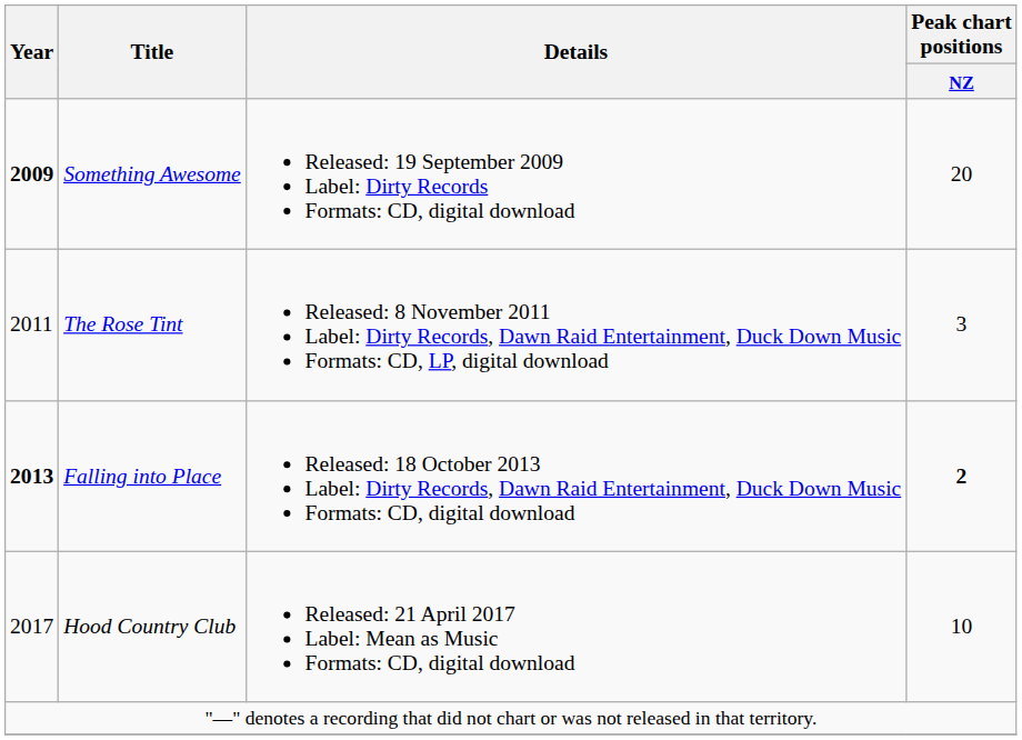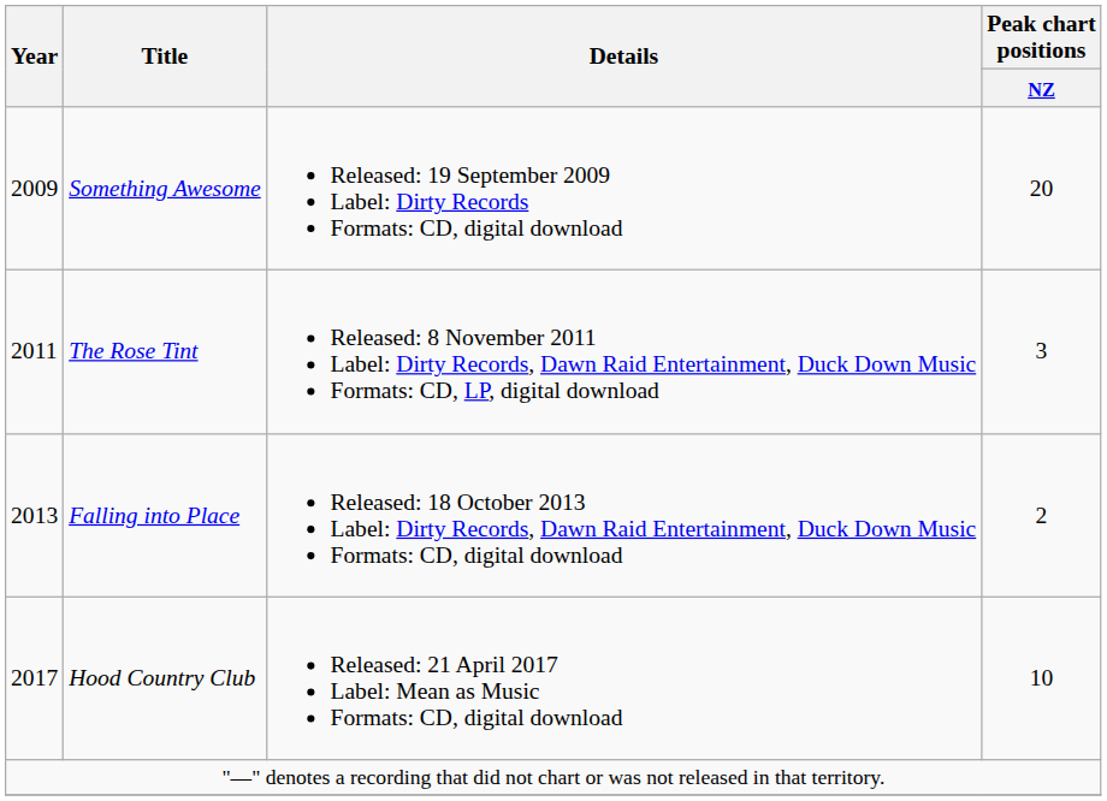 <table class="wikitable plainrowheaders">
 <tr>
 <th rowspan="2">Year</th>
 <th rowspan="2">Title</th>
 <th rowspan="2">Details</th>
 <th>Peak chart<br>positions</th>
 </tr>
 <tr>
 <th><small><a href='#'>NZ</a></small><br></th>
 </tr>
 <tr>
-<td><strong>2009</strong></td>
+<td>2009</td>
 <td><em><a href='#'>Something Awesome</a></em></td>
 <td><br><ul><li>Released: 19 September 2009</li><li>Label: <a href='#'>Dirty Records</a></li><li>Formats: CD, digital download</li></ul></td>
 <td align="center">20</td>
 </tr>
 <tr>
 <td>2011</td>
 <td><em><a href='#'>The Rose Tint</a></em></td>
 <td><br><ul><li>Released: 8 November 2011</li><li>Label: <a href='#'>Dirty Records</a>, <a href='#'>Dawn Raid Entertainment</a>, <a href='#'>Duck Down Music</a></li><li>Formats: CD, <a href='#'>LP</a>, digital download</li></ul></td>
 <td align="center">3</td>
 </tr>
 <tr>
-<td><strong>2013</strong></td>
+<td>2013</td>
 <td><em><a href='#'>Falling into Place</a></em></td>
 <td><br><ul><li>Released: 18 October 2013</li><li>Label: <a href='#'>Dirty Records</a>, <a href='#'>Dawn Raid Entertainment</a>, <a href='#'>Duck Down Music</a></li><li>Formats: CD, digital download</li></ul></td>
-<td align="center"><strong>2</strong></td>
+<td align="center">2</td>
 </tr>
 <tr>
 <td>2017</td>
 <td><em>Hood Country Club</em></td>
 <td><br><ul><li>Released: 21 April 2017</li><li>Label: Mean as Music</li><li>Formats: CD, digital download</li></ul></td>
 <td align="center">10<br></td>
 </tr>
 <tr>
 <td colspan="4" style="font-size:90%" align="center">"—" denotes a recording that did not chart or was not released in that territory.</td>
 </tr>
 <tr>
 </tr>
 </table>
